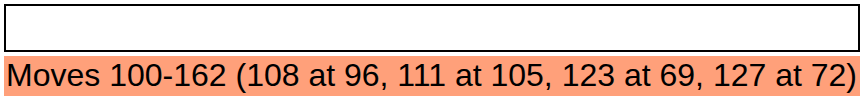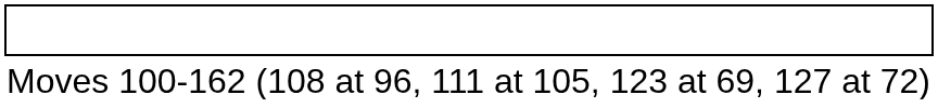 <table style="display:inline; display:inline-table;">
 <tr>
 <td style="border: solid thin; padding: 2px;"><br></td>
 </tr>
 <tr>
-<td style="background: lightsalmon; text-align:center">Moves 100-162 (108 at 96, 111 at 105, 123 at 69, 127 at 72)</td>
+<td style="text-align:center">Moves 100-162 (108 at 96, 111 at 105, 123 at 69, 127 at 72)</td>
 </tr>
 </table>
